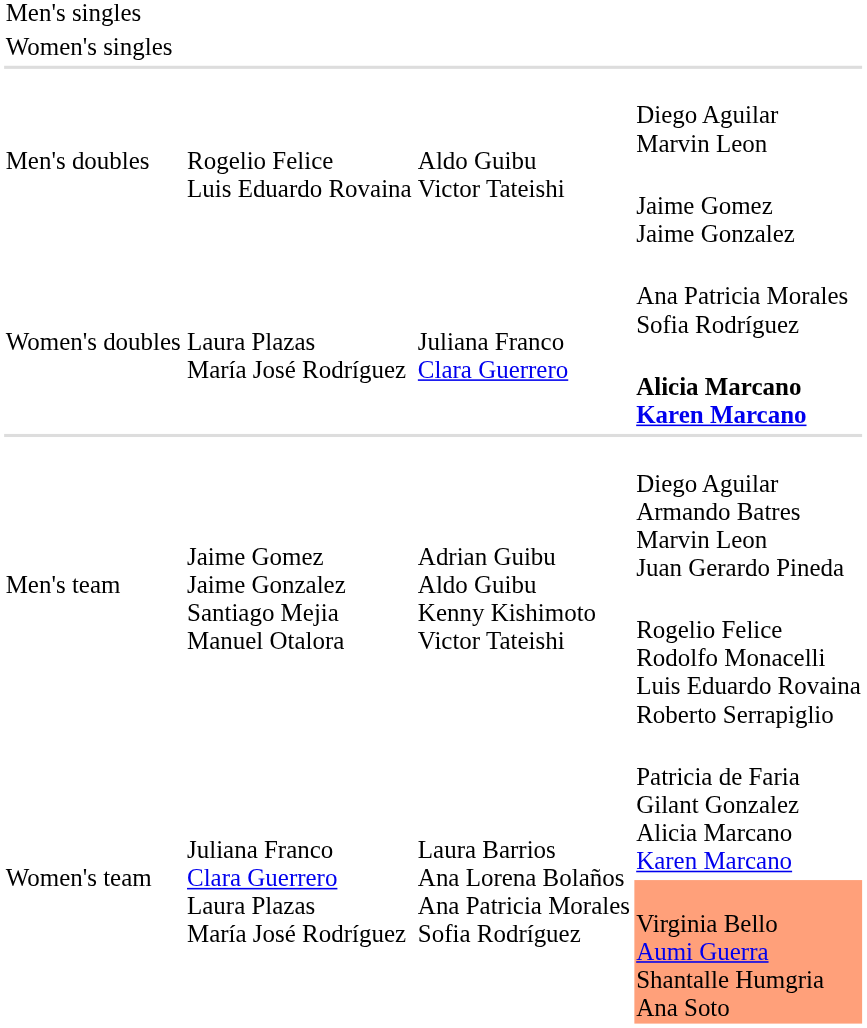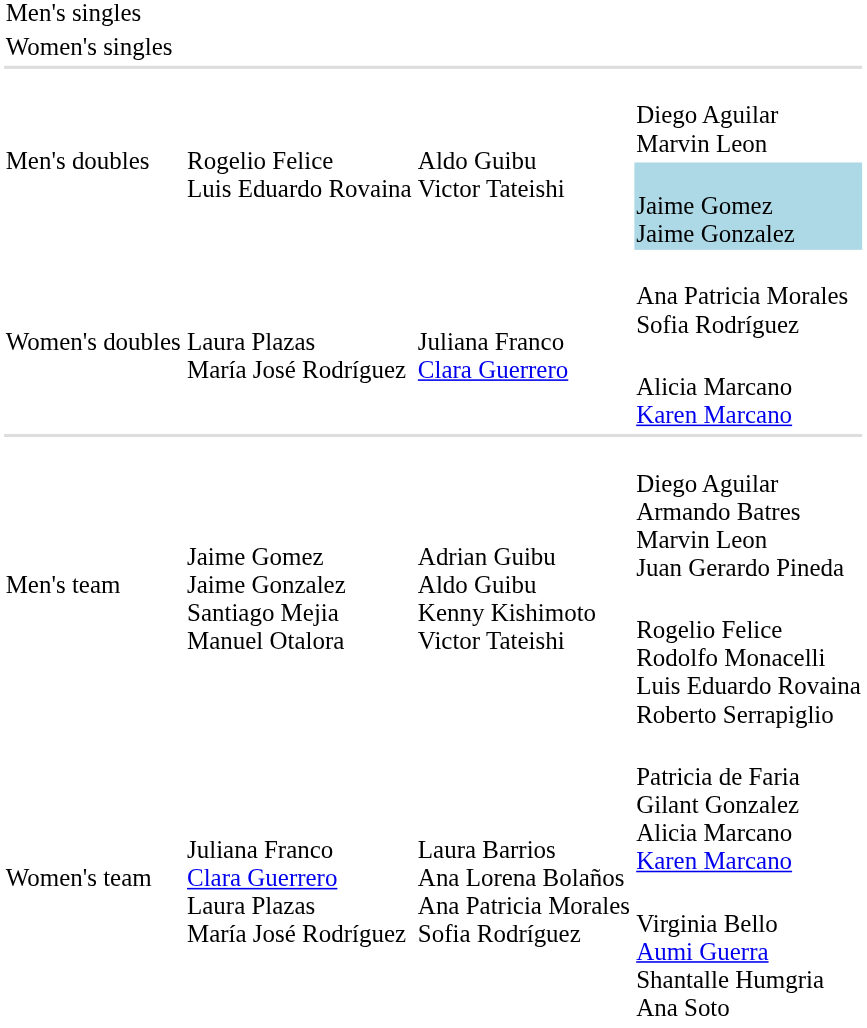 <table>
 <tr>
 <td rowspan=2>Men's singles</td>
 <td rowspan=2 nowrap></td>
 <td rowspan=2></td>
 <td></td>
 </tr>
 <tr>
 <td></td>
 </tr>
 <tr>
 <td rowspan=2>Women's singles</td>
 <td rowspan=2 nowrap></td>
 <td rowspan=2></td>
 <td></td>
 </tr>
 <tr>
 <td></td>
 </tr>
 <tr bgcolor=#dddddd>
 <td colspan=4></td>
 </tr>
 <tr>
 <td rowspan=2>Men's doubles</td>
 <td rowspan=2><br>Rogelio Felice<br>Luis Eduardo Rovaina</td>
 <td rowspan=2><br>Aldo Guibu<br>Victor Tateishi</td>
 <td><br>Diego Aguilar<br>Marvin Leon</td>
 </tr>
 <tr>
-<td><br>Jaime Gomez<br>Jaime Gonzalez</td>
+<td style="background: lightblue;"><br>Jaime Gomez<br>Jaime Gonzalez</td>
 </tr>
 <tr>
 <td rowspan=2 nowrap>Women's doubles</td>
 <td rowspan=2><br>Laura Plazas<br>María José Rodríguez</td>
 <td rowspan=2><br>Juliana Franco<br><a href='#'>Clara Guerrero</a></td>
 <td><br>Ana Patricia Morales<br>Sofia Rodríguez</td>
 </tr>
 <tr>
-<td><strong><br>Alicia Marcano<br><a href='#'>Karen Marcano</a></strong></td>
+<td><br>Alicia Marcano<br><a href='#'>Karen Marcano</a></td>
 </tr>
 <tr bgcolor=#dddddd>
 <td colspan=4></td>
 </tr>
 <tr>
 <td rowspan=2>Men's team</td>
 <td rowspan=2><br>Jaime Gomez<br>Jaime Gonzalez<br>Santiago Mejia<br>Manuel Otalora</td>
 <td rowspan=2><br>Adrian Guibu<br>Aldo Guibu<br>Kenny Kishimoto<br>Victor Tateishi</td>
 <td><br>Diego Aguilar<br>Armando Batres<br>Marvin Leon<br>Juan Gerardo Pineda</td>
 </tr>
 <tr>
 <td><br>Rogelio Felice<br>Rodolfo Monacelli<br>Luis Eduardo Rovaina<br>Roberto Serrapiglio</td>
 </tr>
 <tr>
 <td rowspan=2>Women's team</td>
 <td rowspan=2><br>Juliana Franco<br><a href='#'>Clara Guerrero</a><br>Laura Plazas<br>María José Rodríguez</td>
 <td rowspan=2 nowrap><br>Laura Barrios<br>Ana Lorena Bolaños<br>Ana Patricia Morales<br>Sofia Rodríguez</td>
 <td><br>Patricia de Faria<br>Gilant Gonzalez<br>Alicia Marcano<br><a href='#'>Karen Marcano</a></td>
 </tr>
 <tr>
-<td nowrap style="background: lightsalmon;"><br>Virginia Bello<br><a href='#'>Aumi Guerra</a><br>Shantalle Humgria<br>Ana Soto</td>
+<td nowrap><br>Virginia Bello<br><a href='#'>Aumi Guerra</a><br>Shantalle Humgria<br>Ana Soto</td>
 </tr>
 </table>
